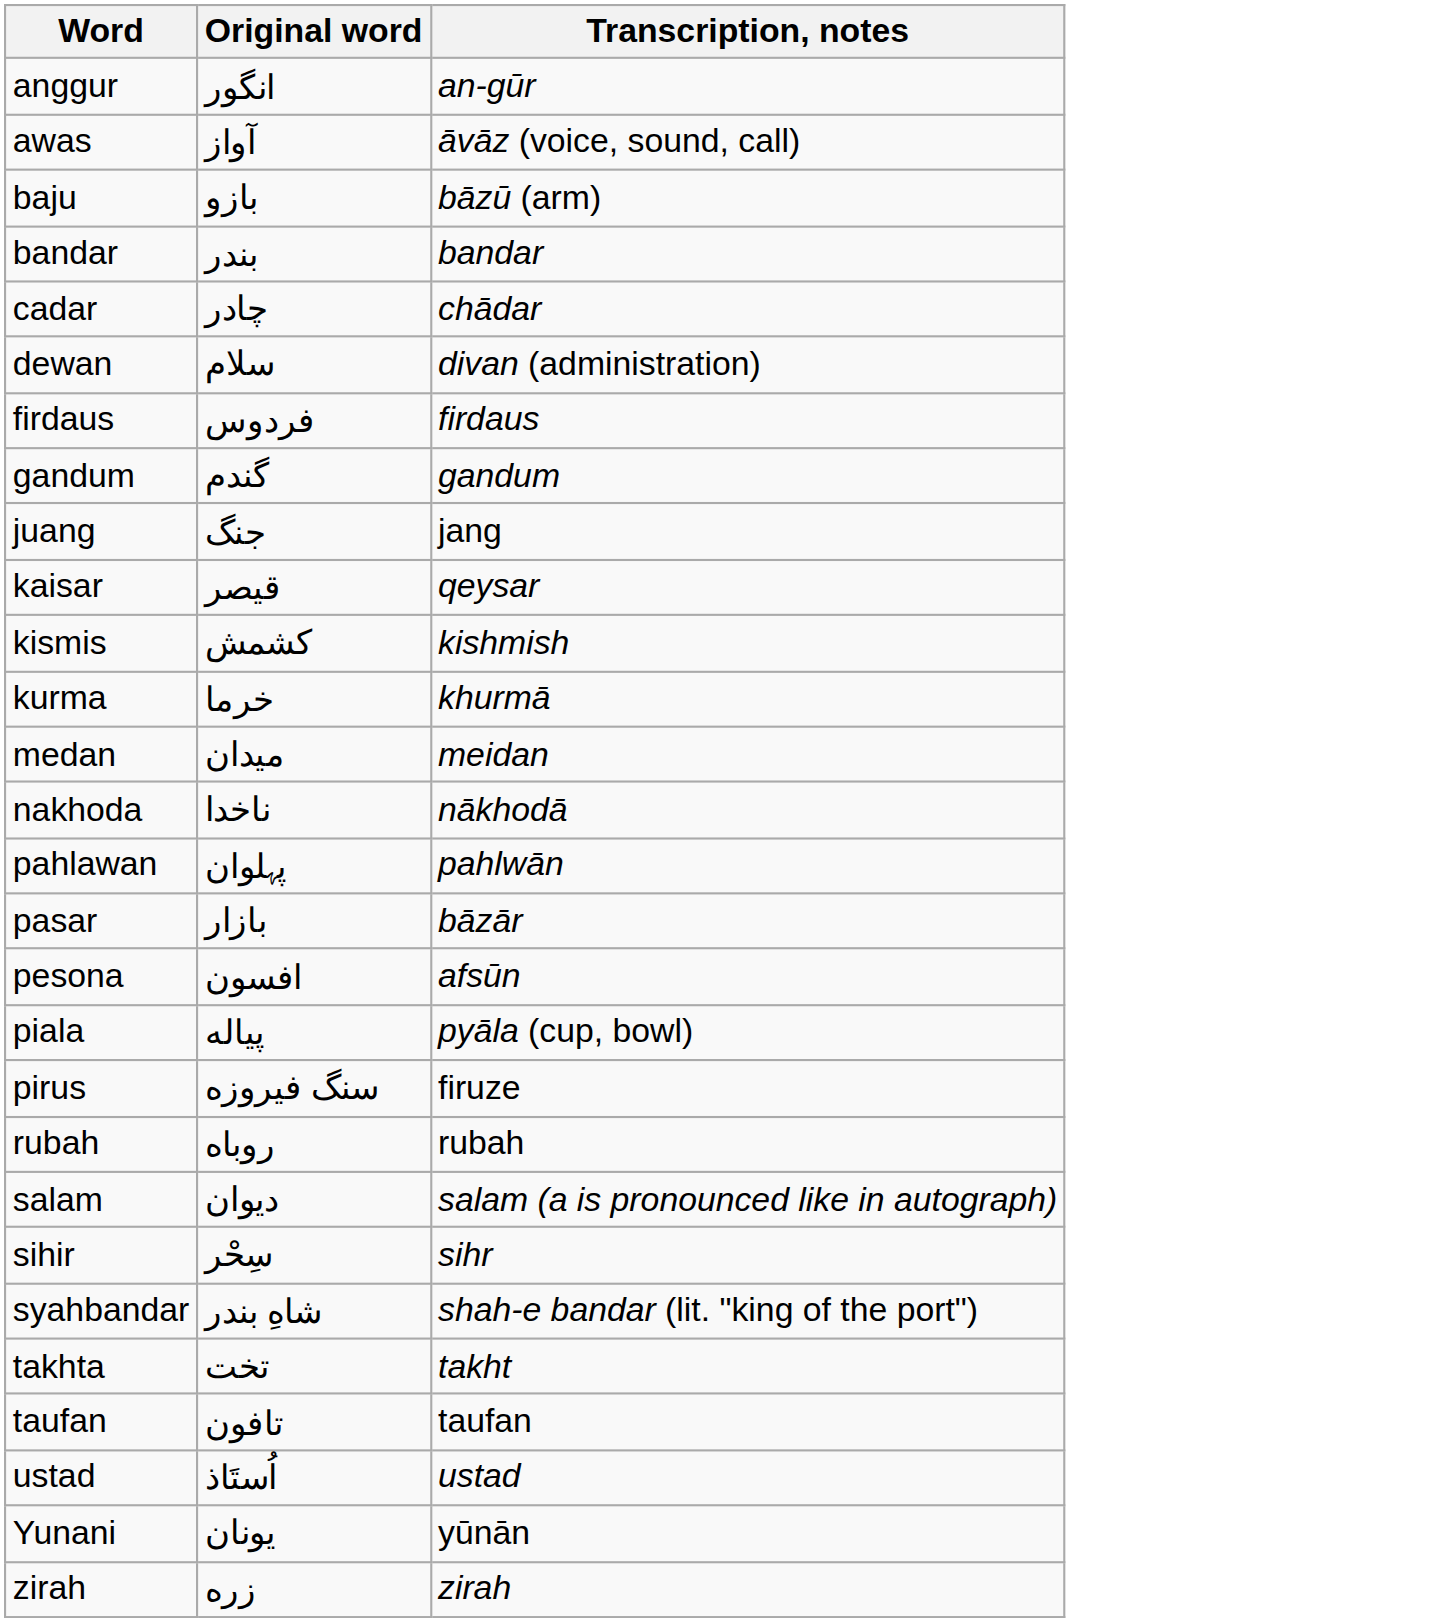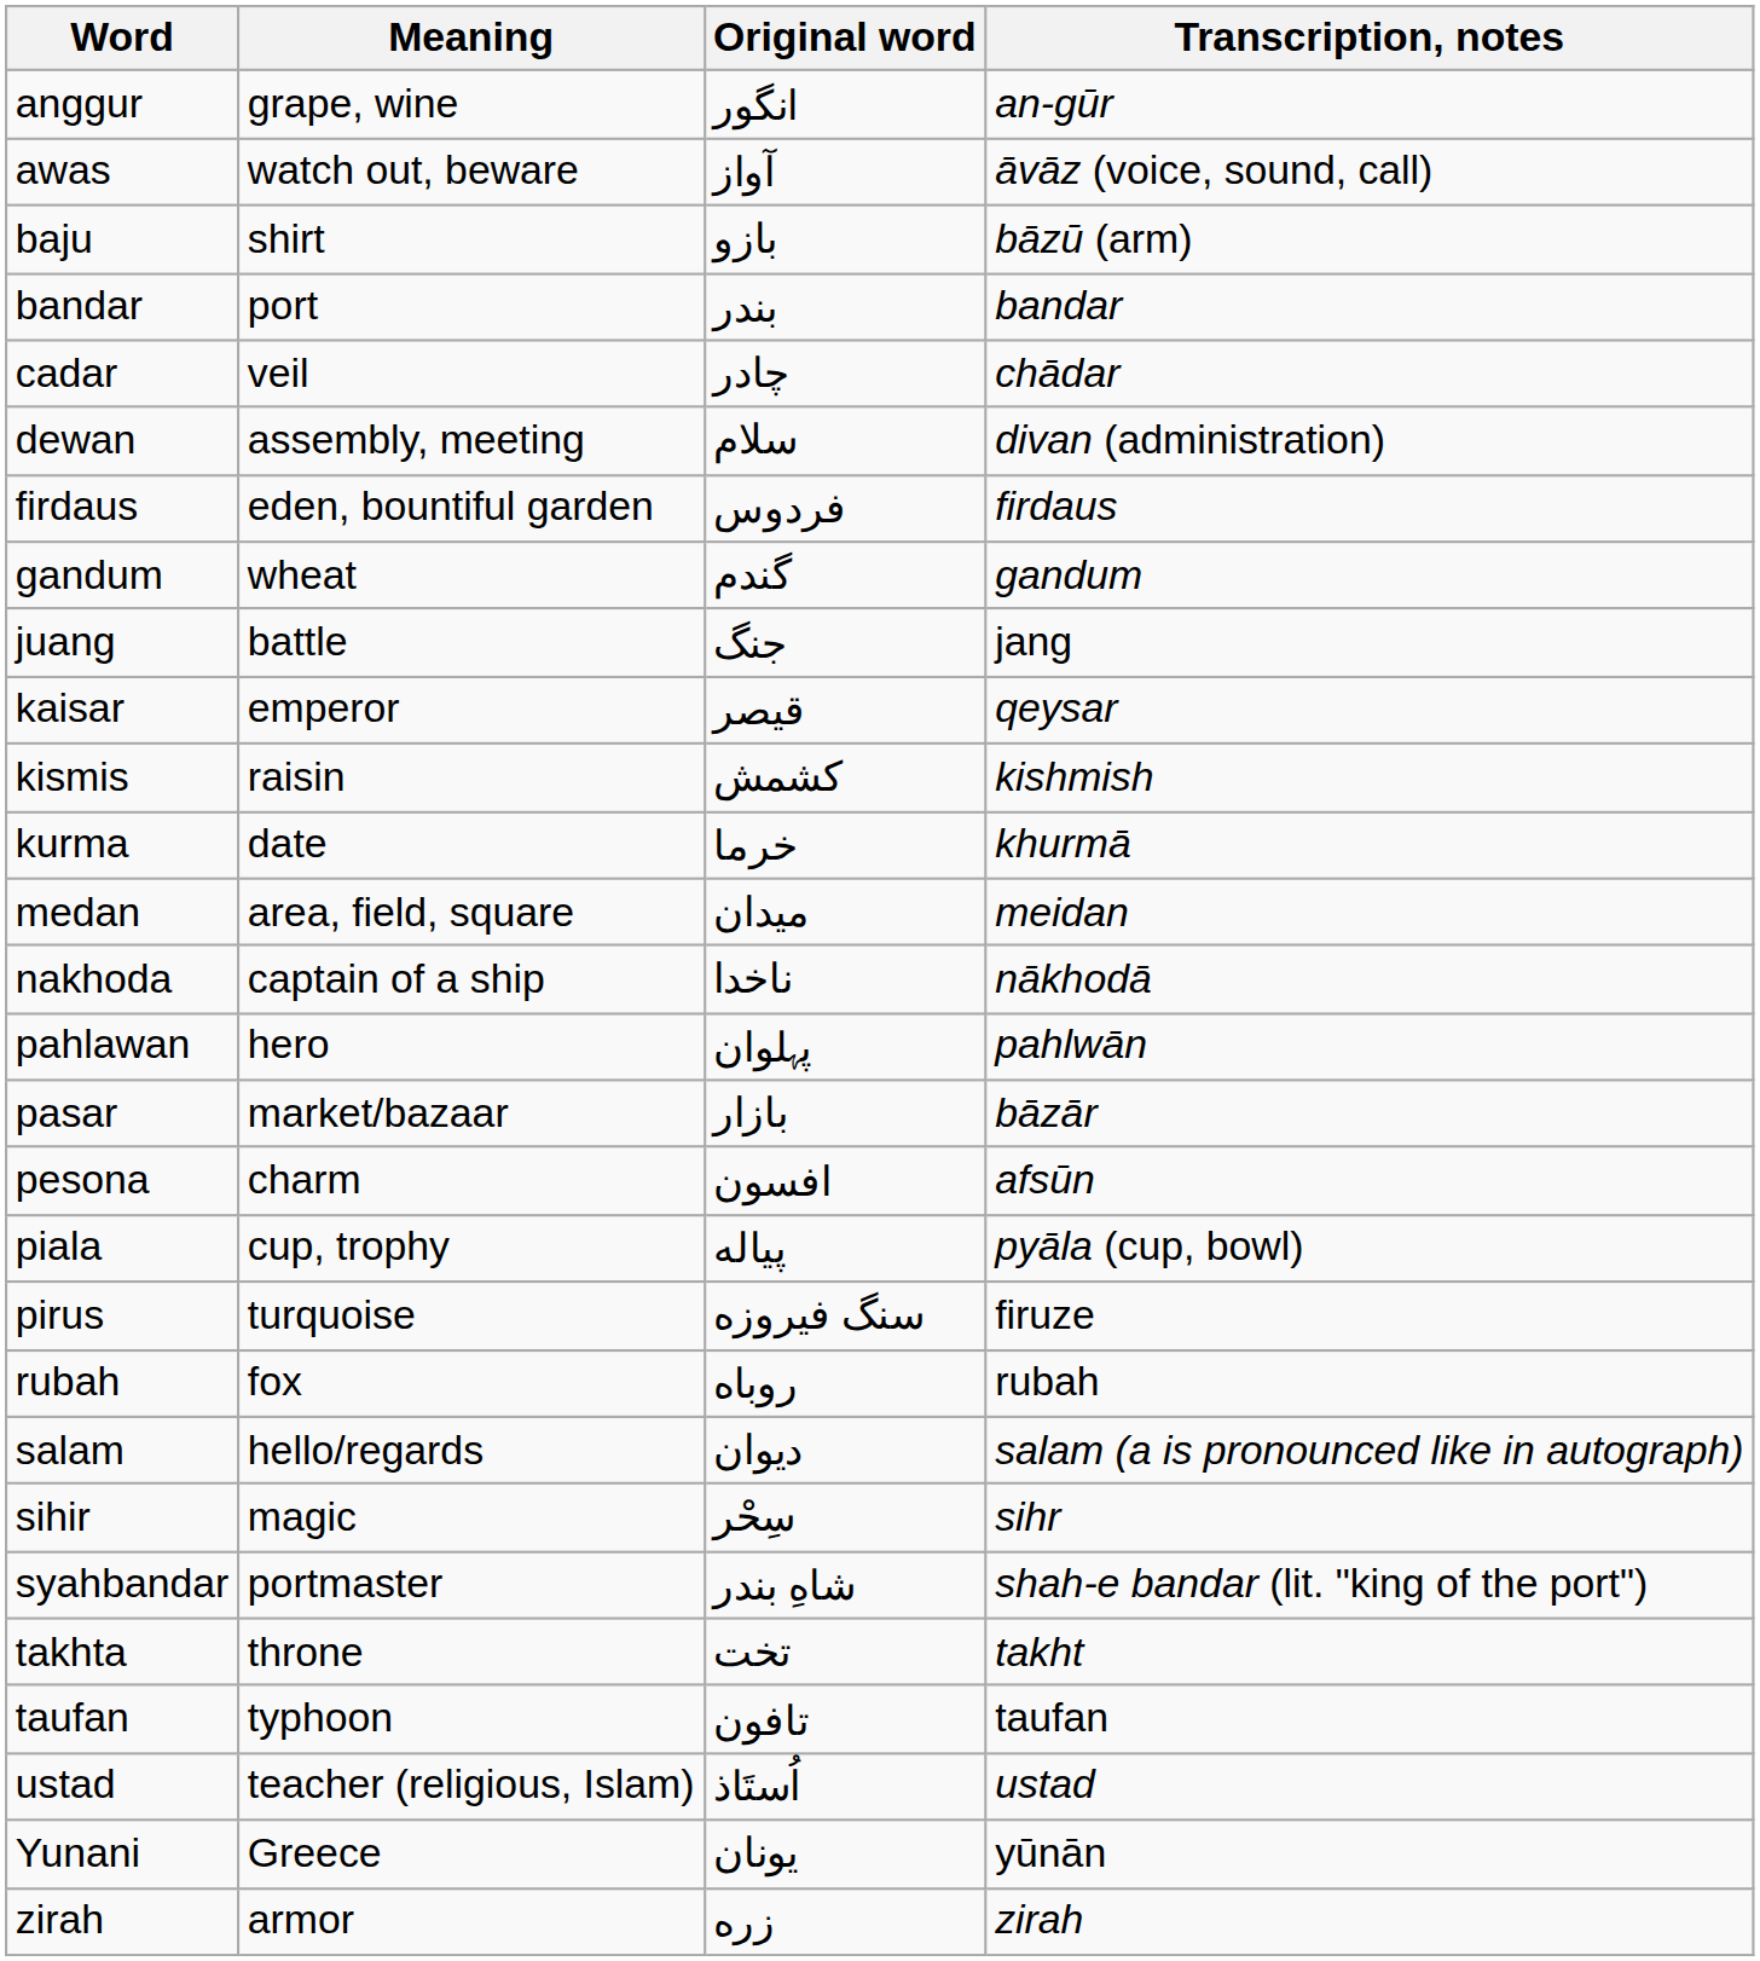 <table class="wikitable">
 <tr>
 <th>Word</th>
+<th>Meaning</th>
 <th>Original word</th>
 <th>Transcription, notes</th>
 </tr>
 <tr>
 <td>anggur</td>
+<td>grape, wine</td>
 <td>انگور</td>
 <td><em>an-gūr</em></td>
 </tr>
 <tr>
 <td>awas</td>
+<td>watch out, beware</td>
 <td>آواز</td>
 <td><em>āvāz</em> (voice, sound, call)</td>
 </tr>
 <tr>
 <td>baju</td>
+<td>shirt</td>
 <td>بازو</td>
 <td><em>bāzū</em> (arm)</td>
 </tr>
 <tr>
 <td>bandar</td>
+<td>port</td>
 <td>بندر</td>
 <td><em>bandar</em></td>
 </tr>
 <tr>
 <td>cadar</td>
+<td>veil</td>
 <td>چادر</td>
 <td><em>chādar</em></td>
 </tr>
 <tr>
 <td>dewan</td>
+<td>assembly, meeting</td>
 <td>سلام</td>
 <td><em>divan</em> (administration)</td>
 </tr>
 <tr>
 <td>firdaus</td>
+<td>eden, bountiful garden</td>
 <td>فردوس</td>
 <td><em>firdaus</em></td>
 </tr>
 <tr>
 <td>gandum</td>
+<td>wheat</td>
 <td>گندم</td>
 <td><em>gandum</em></td>
 </tr>
 <tr>
 <td>juang</td>
+<td>battle</td>
 <td>جنگ</td>
 <td>jang</td>
 </tr>
 <tr>
 <td>kaisar</td>
+<td>emperor</td>
 <td>قیصر</td>
 <td><em>qeysar</em></td>
 </tr>
 <tr>
 <td>kismis</td>
+<td>raisin</td>
 <td>کشمش</td>
 <td><em>kishmish</em></td>
 </tr>
 <tr>
 <td>kurma</td>
+<td>date</td>
 <td>خرما</td>
 <td><em>khurmā</em></td>
 </tr>
 <tr>
 <td>medan</td>
+<td>area, field, square</td>
 <td>میدان</td>
 <td><em>meidan</em></td>
 </tr>
 <tr>
 <td>nakhoda</td>
+<td>captain of a ship</td>
 <td>ناخدا</td>
 <td><em>nākhodā</em></td>
 </tr>
 <tr>
 <td>pahlawan</td>
+<td>hero</td>
 <td>پ‍ﮩ‍لوان</td>
 <td><em>pahlwān</em></td>
 </tr>
 <tr>
 <td>pasar</td>
+<td>market/bazaar</td>
 <td>بازار</td>
 <td><em>bāzār</em></td>
 </tr>
 <tr>
 <td>pesona</td>
+<td>charm</td>
 <td>افسون</td>
 <td><em>afsūn</em></td>
 </tr>
 <tr>
 <td>piala</td>
+<td>cup, trophy</td>
 <td>پیاله</td>
 <td><em>pyāla</em> (cup, bowl)</td>
 </tr>
 <tr>
 <td>pirus</td>
+<td>turquoise</td>
 <td>سنگ فیروزه</td>
 <td>firuze</td>
 </tr>
 <tr>
 <td>rubah</td>
+<td>fox</td>
 <td>روباه</td>
 <td>rubah</td>
 </tr>
 <tr>
 <td>salam</td>
+<td>hello/regards</td>
 <td>دیوان</td>
 <td><em>salam (a is pronounced like in autograph)</em></td>
 </tr>
 <tr>
 <td>sihir</td>
+<td>magic</td>
 <td>سِحْر</td>
 <td><em>sihr</em></td>
 </tr>
 <tr>
 <td>syahbandar</td>
+<td>portmaster</td>
 <td>شاهِ بندر</td>
 <td><em>shah-e bandar</em> (lit. "king of the port")</td>
 </tr>
 <tr>
 <td>takhta</td>
+<td>throne</td>
 <td>تخت</td>
 <td><em>takht</em></td>
 </tr>
 <tr>
 <td>taufan</td>
+<td>typhoon</td>
 <td>تافون</td>
 <td>taufan</td>
 </tr>
 <tr>
 <td>ustad</td>
+<td>teacher (religious, Islam)</td>
 <td>اُستَاذ</td>
 <td><em>ustad</em></td>
 </tr>
 <tr>
 <td>Yunani</td>
+<td>Greece</td>
 <td>يونان</td>
 <td>yūnān</td>
 </tr>
 <tr>
 <td>zirah</td>
+<td>armor</td>
 <td>زره</td>
 <td><em>zirah</em></td>
 </tr>
 </table>
